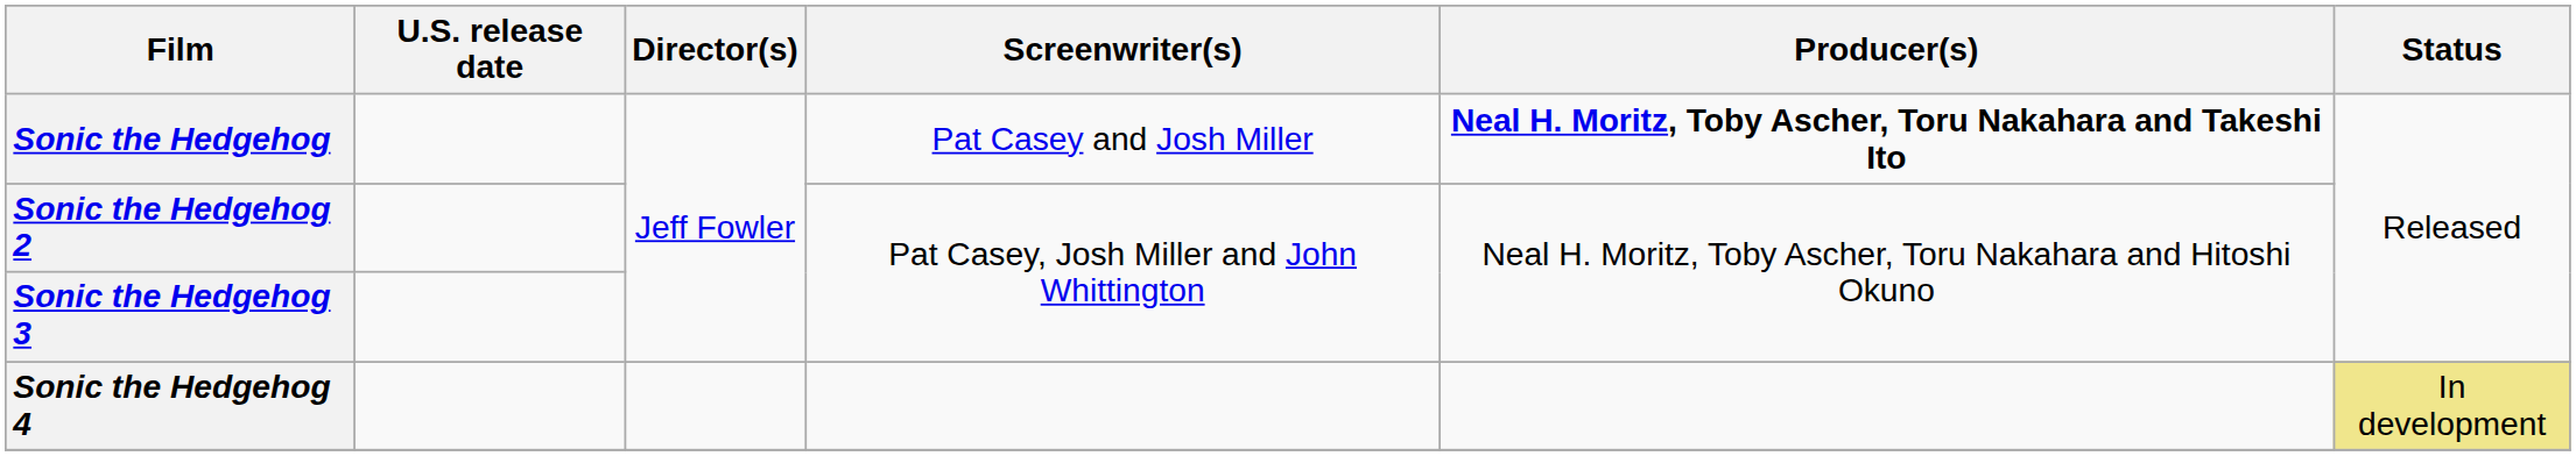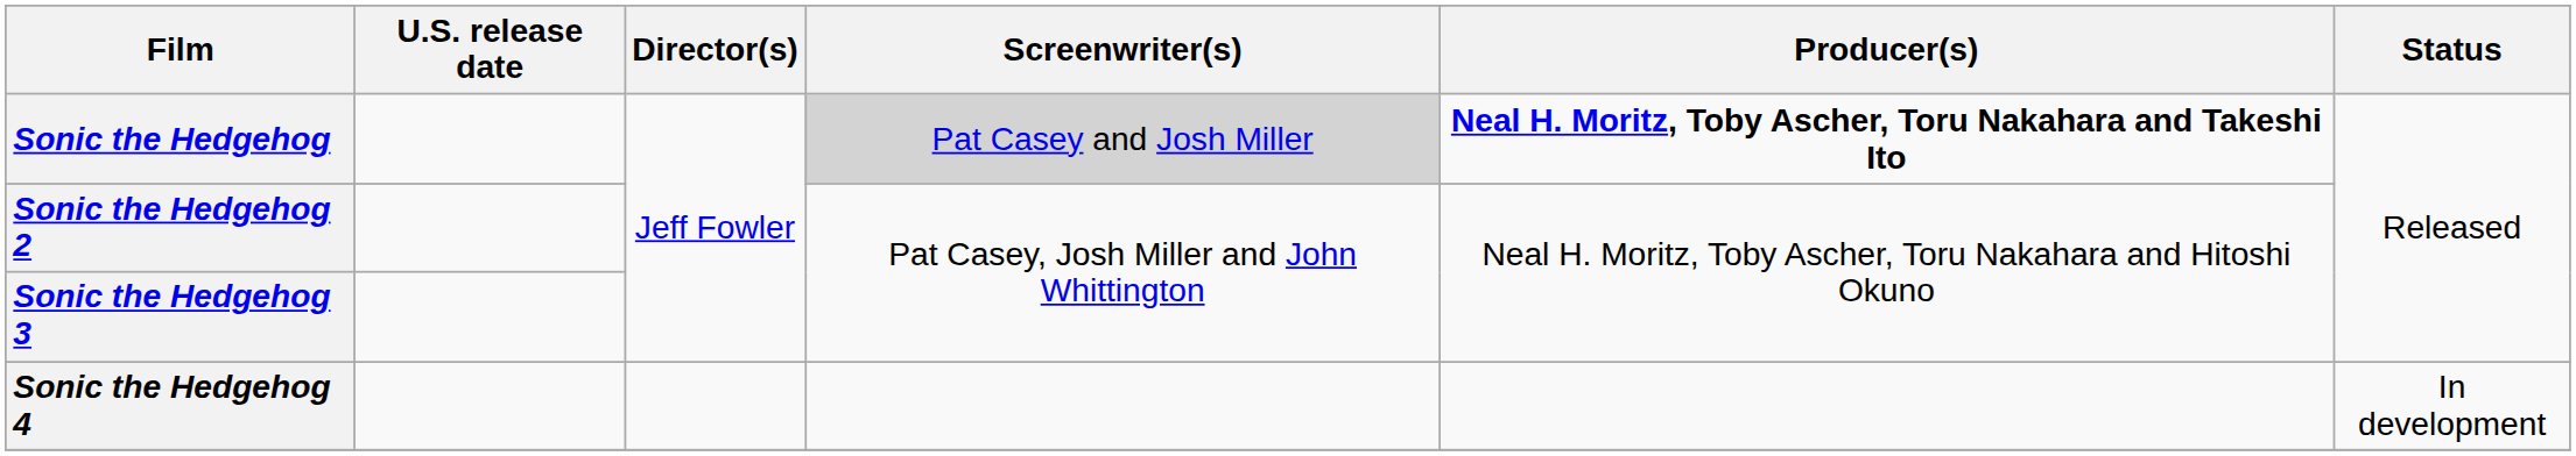 <table class="wikitable plainrowheaders" style="text-align:center; width:99%;">
 <tr>
 <th scope="col">Film</th>
 <th scope="col">U.S. release date</th>
 <th scope="col">Director(s)</th>
 <th scope="col">Screenwriter(s)</th>
 <th scope="col">Producer(s)</th>
 <th scope="col">Status</th>
 </tr>
 <tr>
 <th scope="row" style="text-align:left"><em><a href='#'>Sonic the Hedgehog</a></em></th>
 <td style="text-align:left"></td>
 <td rowspan="3"><a href='#'>Jeff Fowler</a></td>
-<td><a href='#'>Pat Casey</a> and <a href='#'>Josh Miller</a></td>
+<td style="background: lightgrey;"><a href='#'>Pat Casey</a> and <a href='#'>Josh Miller</a></td>
 <td><strong><a href='#'>Neal H. Moritz</a>, Toby Ascher, Toru Nakahara and Takeshi Ito</strong></td>
 <td rowspan="3">Released</td>
 </tr>
 <tr>
 <th scope="row" style="text-align:left"><em><a href='#'>Sonic the Hedgehog 2</a></em></th>
 <td style="text-align:left"></td>
 <td rowspan="2">Pat Casey, Josh Miller and <a href='#'>John Whittington</a></td>
 <td rowspan="2">Neal H. Moritz, Toby Ascher, Toru Nakahara and Hitoshi Okuno</td>
 </tr>
 <tr>
 <th scope="row" style="text-align:left"><em><a href='#'>Sonic the Hedgehog 3</a></em></th>
 <td style="text-align:left"></td>
 </tr>
 <tr>
 <th scope="row" style="text-align:left"><em>Sonic the Hedgehog 4</em></th>
 <td style="text-align:left"></td>
 <td></td>
 <td></td>
 <td></td>
-<td style="background: khaki;">In development</td>
+<td>In development</td>
 </tr>
 <tr>
 </tr>
 </table>
